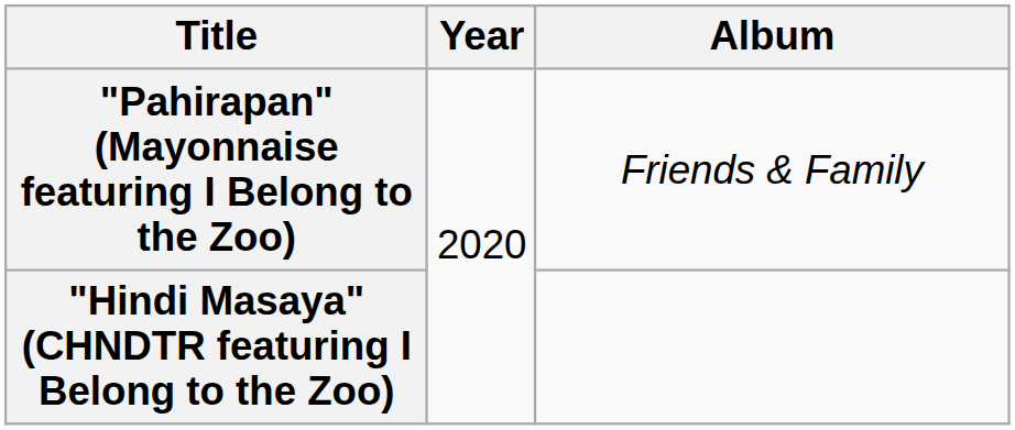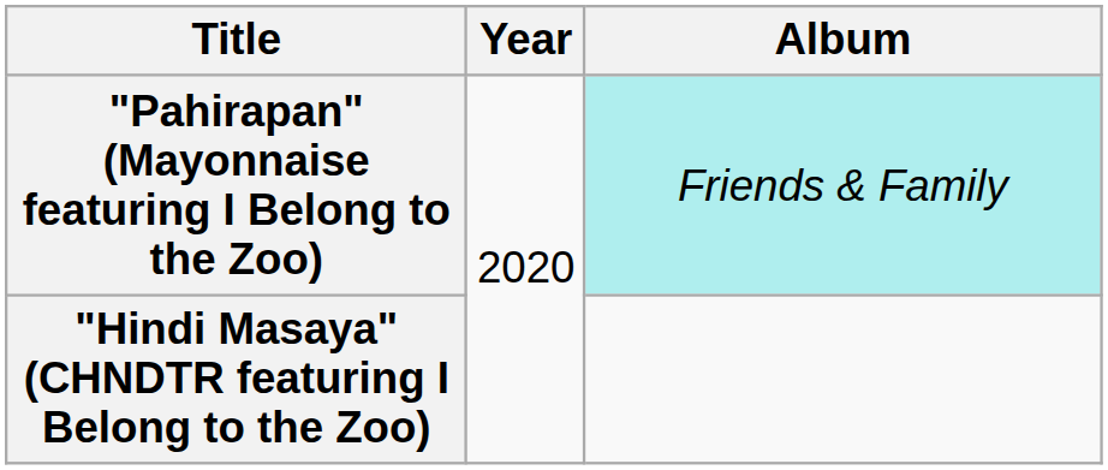 <table class="wikitable plainrowheaders" style="text-align:center;">
 <tr>
 <th scope="col" style="width:160px;">Title</th>
 <th scope="col">Year</th>
 <th scope="col" style="width:180px;">Album</th>
 </tr>
 <tr>
 <th scope="row">"Pahirapan"<br><span>(Mayonnaise featuring I Belong to the Zoo)</span></th>
 <td rowspan="2">2020</td>
-<td><em>Friends & Family</em></td>
+<td style="background: paleturquoise;"><em>Friends & Family</em></td>
 </tr>
 <tr>
 <th scope="row">"Hindi Masaya"<br><span>(CHNDTR featuring I Belong to the Zoo)</span></th>
 <td></td>
 </tr>
 </table>
